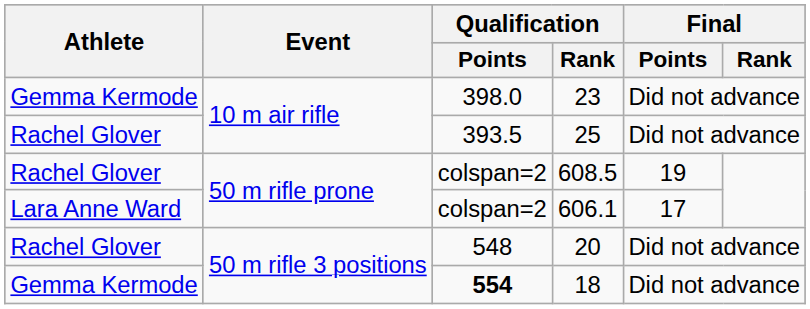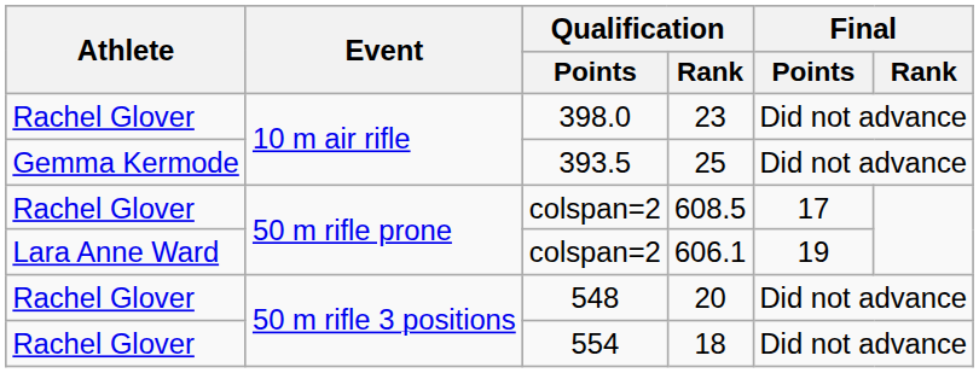 <table class="wikitable" style="font-size:90%;">
 <tr>
 <th rowspan=2>Athlete</th>
 <th rowspan=2>Event</th>
 <th colspan=2>Qualification</th>
 <th colspan=2>Final</th>
 </tr>
 <tr style="font-size:95%">
 <th>Points</th>
 <th>Rank</th>
 <th>Points</th>
 <th>Rank</th>
 </tr>
 <tr align=center>
-<td align=left><a href='#'>Gemma Kermode</a></td>
+<td align=left><a href='#'>Rachel Glover</a></td>
 <td style="text-align:left;" rowspan="2"><a href='#'>10 m air rifle</a></td>
 <td>398.0</td>
 <td>23</td>
 <td colspan=2>Did not advance</td>
 </tr>
 <tr align=center>
-<td align=left><a href='#'>Rachel Glover</a></td>
+<td align=left><a href='#'>Gemma Kermode</a></td>
 <td>393.5</td>
 <td>25</td>
 <td colspan=2>Did not advance</td>
 </tr>
 <tr align=center>
 <td align=left><a href='#'>Rachel Glover</a></td>
 <td style="text-align:left;" rowspan="2"><a href='#'>50 m rifle prone</a></td>
 <td>colspan=2 </td>
 <td>608.5</td>
-<td>19</td>
+<td>17</td>
 </tr>
 <tr align=center>
 <td align=left><a href='#'>Lara Anne Ward</a></td>
 <td>colspan=2 </td>
 <td>606.1</td>
-<td>17</td>
+<td>19</td>
 </tr>
 <tr align=center>
 <td align=left><a href='#'>Rachel Glover</a></td>
 <td style="text-align:left;" rowspan="2"><a href='#'>50 m rifle 3 positions</a></td>
 <td>548</td>
 <td>20</td>
 <td colspan=2>Did not advance</td>
 </tr>
 <tr align=center>
-<td align=left><a href='#'>Gemma Kermode</a></td>
-<td><strong>554</strong></td>
+<td align=left><a href='#'>Rachel Glover</a></td>
+<td>554</td>
 <td>18</td>
 <td colspan=2>Did not advance</td>
 </tr>
 </table>
